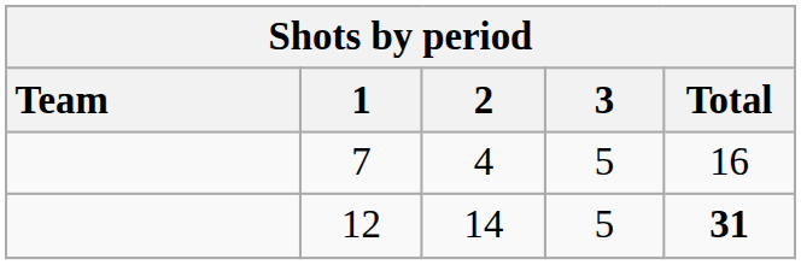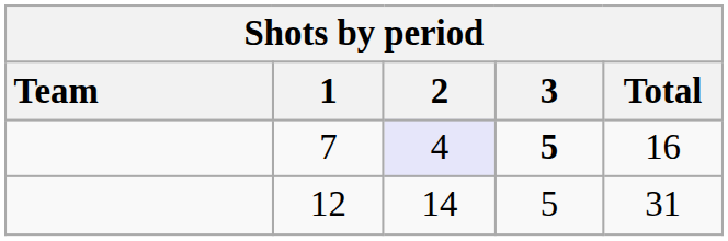 <table class="wikitable" style="width:20em; text-align:right;">
 <tr>
 <th colspan="6">Shots by period</th>
 </tr>
 <tr>
 <th style="width:8em; text-align:left;">Team</th>
 <th style="width:3em;">1</th>
 <th style="width:3em;">2</th>
 <th style="width:3em;">3</th>
 <th style="width:3em;">Total</th>
 </tr>
 <tr>
 <td style="text-align:left;"></td>
 <td style="text-align:center;">7</td>
-<td style="text-align:center;">4</td>
-<td style="text-align:center;">5</td>
+<td style="background: lavender; text-align:center;">4</td>
+<td style="text-align:center;"><strong>5</strong></td>
 <td style="text-align:center;">16</td>
 </tr>
 <tr>
 <td style="text-align:left;"></td>
 <td style="text-align:center;">12</td>
 <td style="text-align:center;">14</td>
 <td style="text-align:center;">5</td>
-<td style="text-align:center;"><strong>31</strong></td>
+<td style="text-align:center;">31</td>
 </tr>
 </table>
